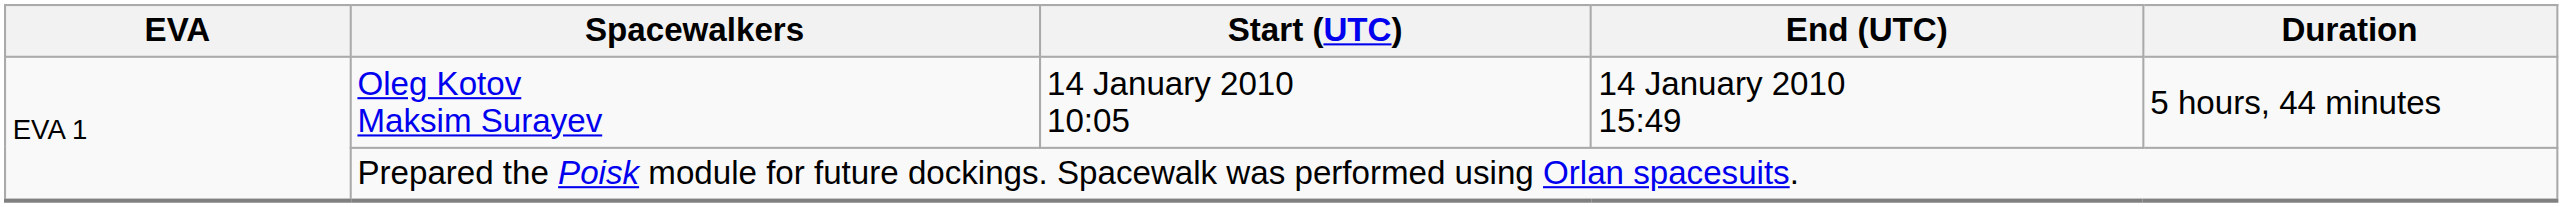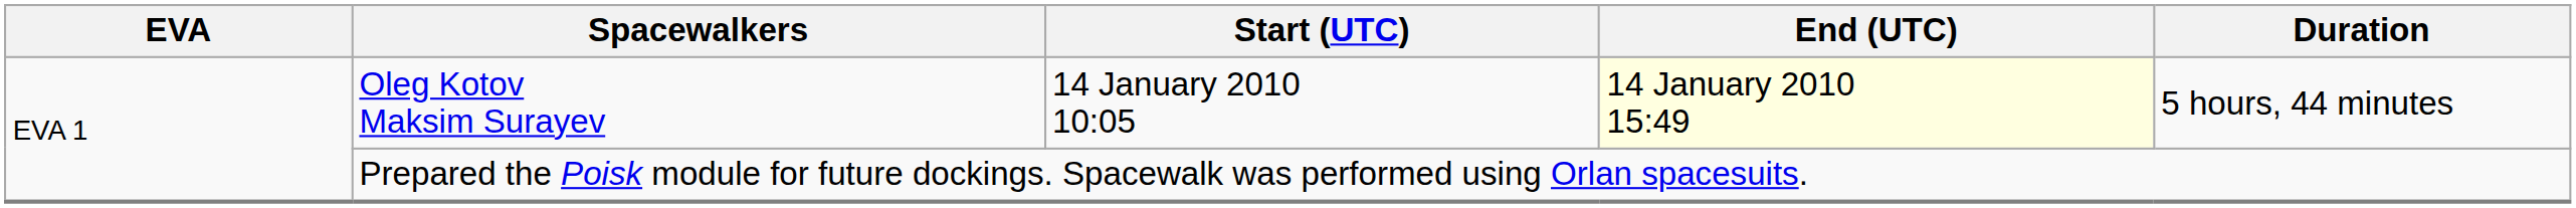 <table class="wikitable">
 <tr>
 <th width="10%">EVA</th>
 <th width="20%">Spacewalkers</th>
 <th width="16%">Start (<a href='#'>UTC</a>)</th>
 <th width="16%">End (UTC)</th>
 <th width="12%">Duration</th>
 </tr>
 <tr>
 <td rowspan=2 style="border-bottom:2px solid grey;"><small>EVA 1</small><br></td>
 <td><a href='#'>Oleg Kotov</a><br><a href='#'>Maksim Surayev</a></td>
 <td>14 January 2010<br>10:05</td>
-<td>14 January 2010<br>15:49</td>
+<td style="background: lightyellow;">14 January 2010<br>15:49</td>
 <td>5 hours, 44 minutes</td>
 </tr>
 <tr>
 <td colspan=4 style="border-bottom:2px solid grey;">Prepared the <a href='#'><em>Poisk</em></a> module for future dockings. Spacewalk was performed using <a href='#'>Orlan spacesuits</a>.</td>
 </tr>
 </table>
